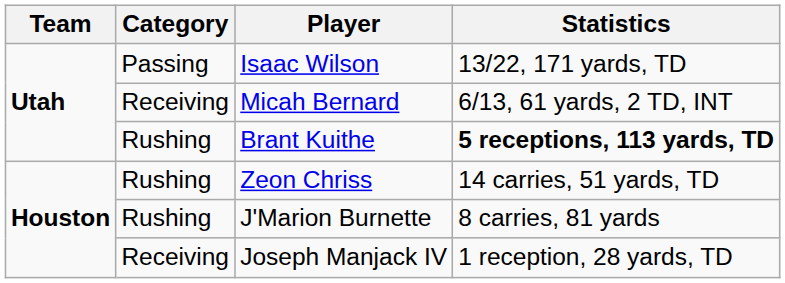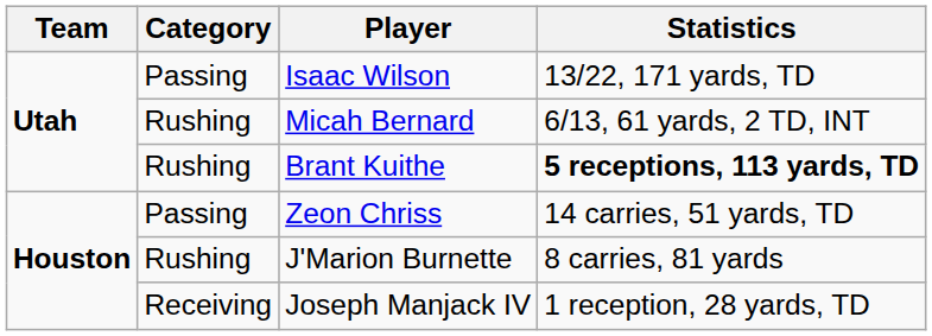 <table class="wikitable" style="float: right;">
 <tr>
 <th>Team</th>
 <th>Category</th>
 <th>Player</th>
 <th>Statistics</th>
 </tr>
 <tr>
 <td rowspan=3><strong>Utah</strong></td>
 <td>Passing</td>
 <td><a href='#'>Isaac Wilson</a></td>
 <td>13/22, 171 yards, TD</td>
 </tr>
 <tr>
-<td>Receiving</td>
+<td>Rushing</td>
 <td><a href='#'>Micah Bernard</a></td>
 <td>6/13, 61 yards, 2 TD, INT</td>
 </tr>
 <tr>
 <td>Rushing</td>
 <td><a href='#'>Brant Kuithe</a></td>
 <td><strong>5 receptions, 113 yards, TD</strong></td>
 </tr>
 <tr>
 <td rowspan=3><strong>Houston</strong></td>
-<td>Rushing</td>
+<td>Passing</td>
 <td><a href='#'>Zeon Chriss</a></td>
 <td>14 carries, 51 yards, TD</td>
 </tr>
 <tr>
 <td>Rushing</td>
 <td>J'Marion Burnette</td>
 <td>8 carries, 81 yards</td>
 </tr>
 <tr>
 <td>Receiving</td>
 <td>Joseph Manjack IV</td>
 <td>1 reception, 28 yards, TD</td>
 </tr>
 </table>
